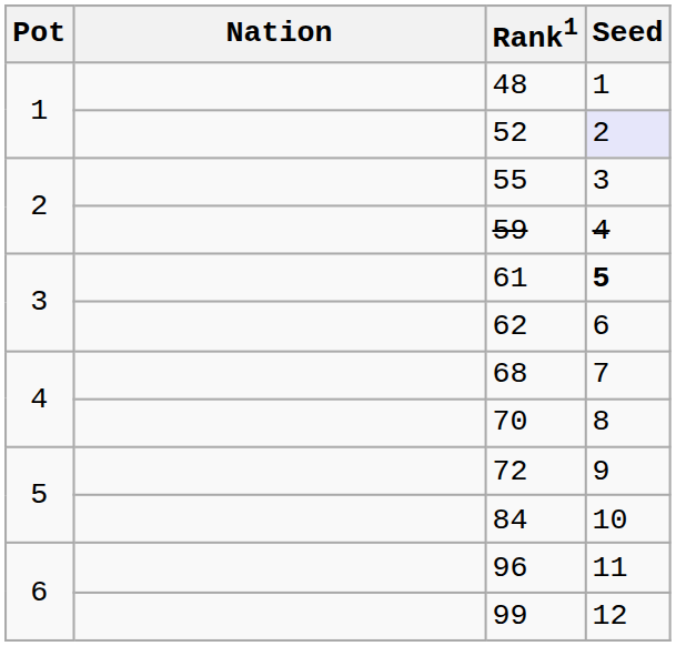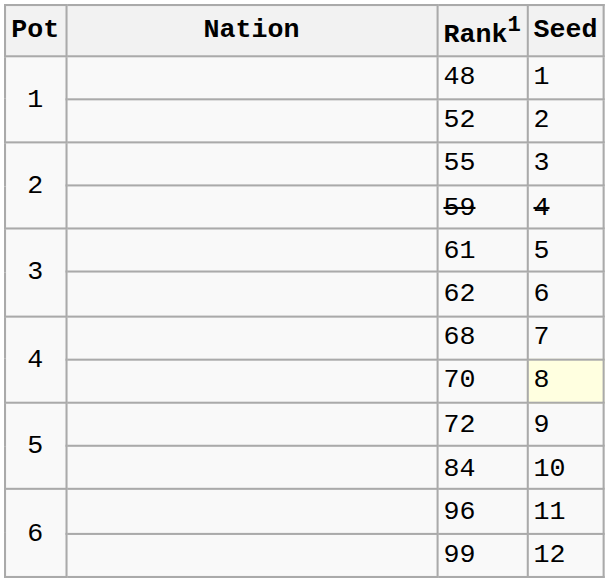 <table class="wikitable">
 <tr>
 <th>Pot</th>
 <th width="175">Nation</th>
 <th>Rank<sup>1</sup></th>
 <th>Seed</th>
 </tr>
 <tr>
 <td rowspan=2 style="text-align:center;">1</td>
 <td></td>
 <td>48</td>
 <td>1</td>
 </tr>
 <tr>
 <td></td>
 <td>52</td>
-<td style="background: lavender;">2</td>
+<td>2</td>
 </tr>
 <tr>
 <td rowspan=2 style="text-align:center;">2</td>
 <td></td>
 <td>55</td>
 <td>3</td>
 </tr>
 <tr>
 <td><s></s></td>
 <td><s>59</s></td>
 <td><s>4</s></td>
 </tr>
 <tr>
 <td rowspan=2 style="text-align:center;">3</td>
 <td></td>
 <td>61</td>
-<td><strong>5</strong></td>
+<td>5</td>
 </tr>
 <tr>
 <td></td>
 <td>62</td>
 <td>6</td>
 </tr>
 <tr>
 <td rowspan=2 style="text-align:center;">4</td>
 <td></td>
 <td>68</td>
 <td>7</td>
 </tr>
 <tr>
 <td></td>
 <td>70</td>
-<td>8</td>
+<td style="background: lightyellow;">8</td>
 </tr>
 <tr>
 <td rowspan=2 style="text-align:center;">5</td>
 <td></td>
 <td>72</td>
 <td>9</td>
 </tr>
 <tr>
 <td></td>
 <td>84</td>
 <td>10</td>
 </tr>
 <tr>
 <td rowspan=2 style="text-align:center;">6</td>
 <td></td>
 <td>96</td>
 <td>11</td>
 </tr>
 <tr>
 <td></td>
 <td>99</td>
 <td>12</td>
 </tr>
 </table>
